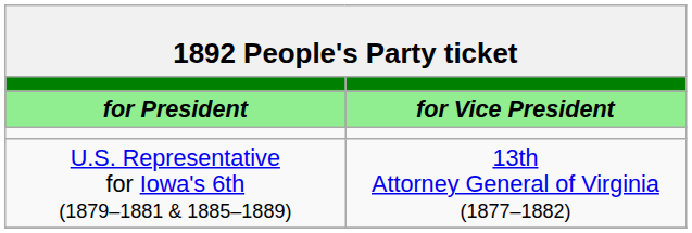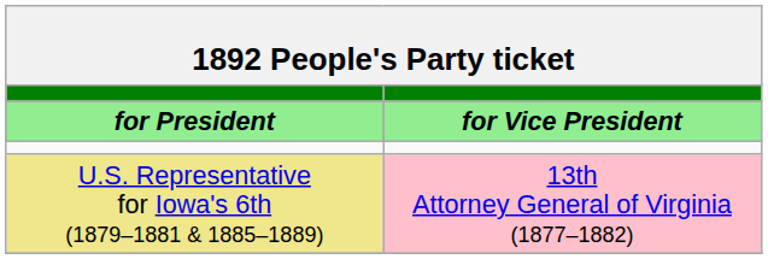 <table class="wikitable" style="font-size:90%; text-align:center;">
 <tr>
 <td style="background:#f1f1f1;" colspan="30"><br><big><strong>1892 People's Party ticket</strong></big></td>
 </tr>
 <tr>
 <th style="width:3em; font-size:135%; background:#008000; width:200px;"><a href='#'></a></th>
 <th style="width:3em; font-size:135%; background:#008000; width:200px;"><a href='#'></a></th>
 </tr>
 <tr style="color:#000000; font-size:100%; background:#008000;">
 <td style="width:3em; font-size:100%; color:#000; background:lightgreen; width:200px;"><strong><em>for President</em></strong></td>
 <td style="width:3em; font-size:100%; color:#000; background:lightgreen; width:200px;"><strong><em>for Vice President</em></strong></td>
 </tr>
 <tr>
 <td></td>
 <td></td>
 </tr>
 <tr>
-<td><a href='#'>U.S. Representative</a><br>for <a href='#'>Iowa's 6th</a><br><small>(1879–1881 & 1885–1889)</small></td>
-<td><a href='#'>13th</a><br><a href='#'>Attorney General of Virginia</a><br><small>(1877–1882)</small></td>
+<td style="background: khaki;"><a href='#'>U.S. Representative</a><br>for <a href='#'>Iowa's 6th</a><br><small>(1879–1881 & 1885–1889)</small></td>
+<td style="background: pink;"><a href='#'>13th</a><br><a href='#'>Attorney General of Virginia</a><br><small>(1877–1882)</small></td>
 </tr>
 <tr>
 </tr>
 </table>
